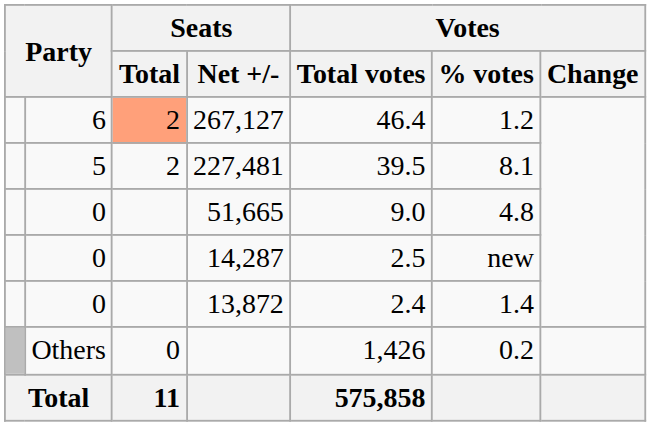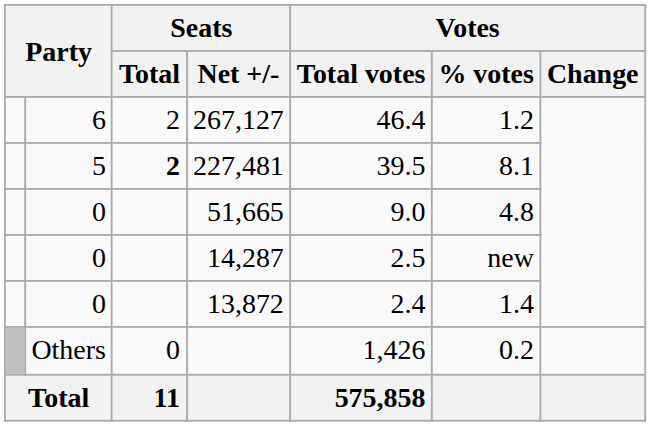 <table class="wikitable" style="text-align:right; font-size:95%;">
 <tr>
 <th colspan="2" rowspan="2">Party</th>
 <th colspan="2">Seats</th>
 <th colspan="3">Votes</th>
 </tr>
 <tr>
 <th>Total</th>
 <th>Net +/-</th>
 <th>Total votes</th>
 <th>% votes</th>
 <th>Change</th>
 </tr>
 <tr>
 <td></td>
 <td>6</td>
-<td style="background: lightsalmon;">2</td>
+<td>2</td>
 <td>267,127</td>
 <td>46.4</td>
 <td>1.2</td>
 </tr>
 <tr>
 <td></td>
 <td>5</td>
-<td>2</td>
+<td><strong>2</strong></td>
 <td>227,481</td>
 <td>39.5</td>
 <td>8.1</td>
 </tr>
 <tr>
 <td></td>
 <td>0</td>
 <td></td>
 <td>51,665</td>
 <td>9.0</td>
 <td>4.8</td>
 </tr>
 <tr>
 <td></td>
 <td>0</td>
 <td></td>
 <td>14,287</td>
 <td>2.5</td>
 <td>new</td>
 </tr>
 <tr>
 <td></td>
 <td>0</td>
 <td></td>
 <td>13,872</td>
 <td>2.4</td>
 <td>1.4</td>
 </tr>
 <tr>
 <td style="background:silver;"> </td>
 <td align=left>Others</td>
 <td>0</td>
 <td></td>
 <td>1,426</td>
 <td>0.2</td>
 <td></td>
 </tr>
 <tr>
 <th colspan="2" style="background:#f2f2f2">Total</th>
 <td style="background:#f2f2f2;"><strong>11</strong></td>
 <td style="background:#f2f2f2;"></td>
 <td style="background:#f2f2f2;"><strong>575,858</strong></td>
 <td style="background:#f2f2f2;"></td>
 <td style="background:#f2f2f2;"></td>
 </tr>
 </table>
